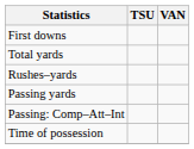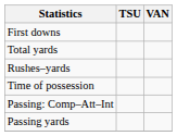 <table class="wikitable" style="float: left;">
 <tr>
 <th>Statistics</th>
 <th>TSU</th>
 <th>VAN</th>
 </tr>
 <tr>
 <td>First downs</td>
 <td></td>
 <td></td>
 </tr>
 <tr>
 <td>Total yards</td>
 <td></td>
 <td></td>
 </tr>
 <tr>
 <td>Rushes–yards</td>
 <td></td>
 <td></td>
 </tr>
 <tr>
-<td>Passing yards</td>
+<td>Time of possession</td>
 <td></td>
 <td></td>
 </tr>
 <tr>
 <td>Passing: Comp–Att–Int</td>
 <td></td>
 <td></td>
 </tr>
 <tr>
-<td>Time of possession</td>
+<td>Passing yards</td>
 <td></td>
 <td></td>
 </tr>
 <tr>
 </tr>
 </table>
